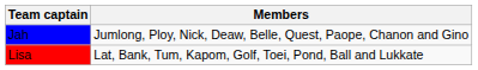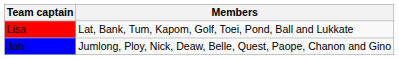 <table class="wikitable">
 <tr>
 <th>Team captain</th>
 <th>Members</th>
 </tr>
 <tr>
+<td style="background:red"><span>Lisa</span></td>
+<td>Lat, Bank, Tum, Kapom, Golf, Toei, Pond, Ball and Lukkate</td>
+</tr>
+<tr>
 <td style="background:#0000FF"><span>Jah</span></td>
 <td>Jumlong, Ploy, Nick, Deaw, Belle, Quest, Paope, Chanon and Gino</td>
 </tr>
-<tr>
-<td style="background:red"><span>Lisa</span></td>
-<td>Lat, Bank, Tum, Kapom, Golf, Toei, Pond, Ball and Lukkate</td>
-</tr>
 </table>
